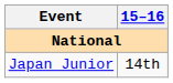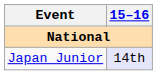 <table class="wikitable" style="text-align:center">
 <tr>
 <th>Event</th>
 <th><a href='#'>15–16</a></th>
 </tr>
 <tr>
 <th colspan="2" style="background-color: #ffdead; " align="center">National</th>
 </tr>
 <tr>
 <td align="left"><a href='#'>Japan Junior</a></td>
-<td>14th</td>
+<td style="background: lavender;">14th</td>
 </tr>
 </table>
